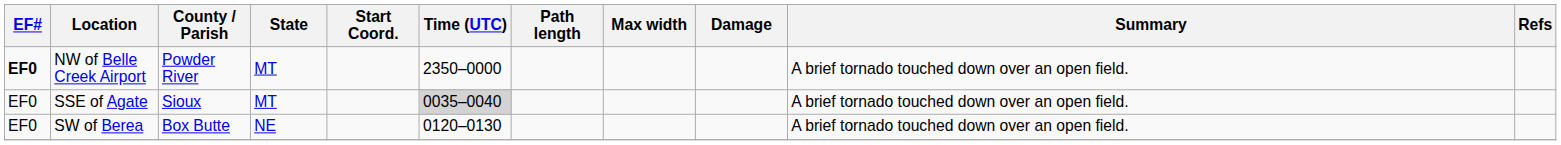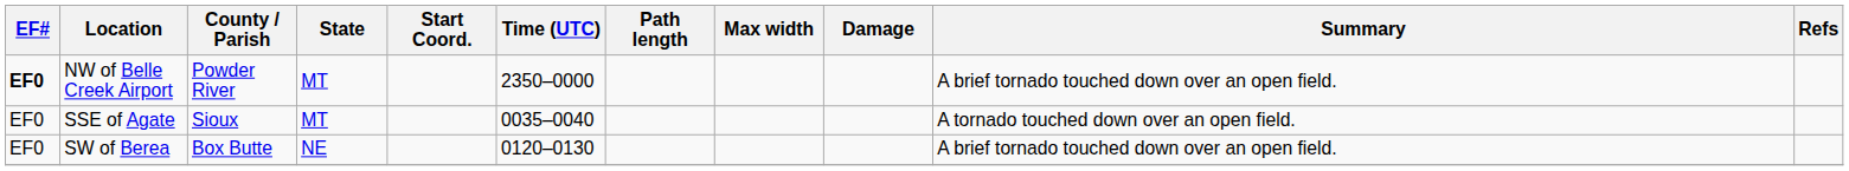 <table class="wikitable sortable" style="width:100%;">
 <tr>
 <th scope="col" width="3%" align="center"><a href='#'>EF#</a></th>
 <th scope="col" width="7%" align="center" class="unsortable">Location</th>
 <th scope="col" width="6%" align="center" class="unsortable">County / Parish</th>
 <th scope="col" width="5%" align="center">State</th>
 <th scope="col" width="6%" align="center">Start Coord.</th>
 <th scope="col" width="6%" align="center">Time (<a href='#'>UTC</a>)</th>
 <th scope="col" width="6%" align="center">Path length</th>
 <th scope="col" width="6%" align="center">Max width</th>
 <th scope="col" width="6%" align="center">Damage</th>
 <th scope="col" width="48%" class="unsortable" align="center">Summary</th>
 <th scope="col" width="48%" class="unsortable" align="center">Refs</th>
 </tr>
 <tr>
 <td><strong>EF0</strong></td>
 <td>NW of <a href='#'>Belle Creek Airport</a></td>
 <td><a href='#'>Powder River</a></td>
 <td><a href='#'>MT</a></td>
 <td></td>
 <td>2350–0000</td>
 <td></td>
 <td></td>
 <td></td>
 <td>A brief tornado touched down over an open field.</td>
 <td></td>
 </tr>
 <tr>
 <td>EF0</td>
 <td>SSE of <a href='#'>Agate</a></td>
 <td><a href='#'>Sioux</a></td>
 <td><a href='#'>MT</a></td>
 <td></td>
-<td style="background: lightgrey;">0035–0040</td>
+<td>0035–0040</td>
 <td></td>
 <td></td>
 <td></td>
-<td>A brief tornado touched down over an open field.</td>
+<td>A tornado touched down over an open field.</td>
 <td></td>
 </tr>
 <tr>
 <td>EF0</td>
 <td>SW of <a href='#'>Berea</a></td>
 <td><a href='#'>Box Butte</a></td>
 <td><a href='#'>NE</a></td>
 <td></td>
 <td>0120–0130</td>
 <td></td>
 <td></td>
 <td></td>
 <td>A brief tornado touched down over an open field.</td>
 <td></td>
 </tr>
 <tr>
 </tr>
 </table>
